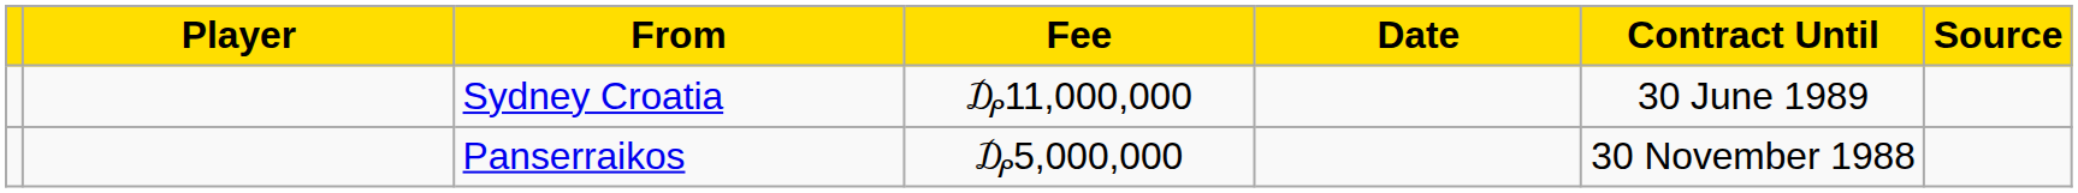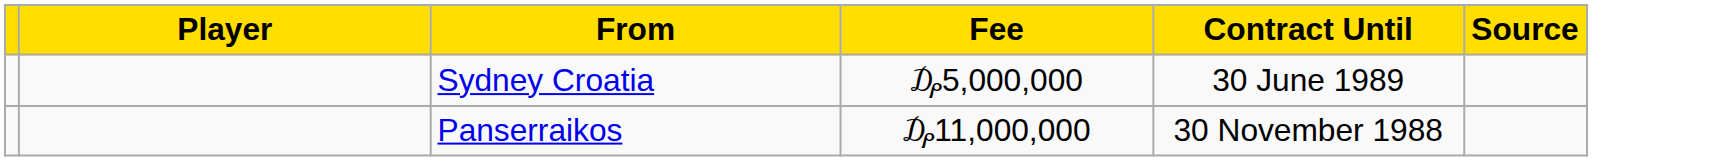 <table class="wikitable sortable">
 <tr>
 <th style="background:#FFDE00"></th>
 <th width=200 style="background:#FFDE00">Player</th>
 <th width=200 style="background:#FFDE00">From</th>
 <th width=150 style="background:#FFDE00">Fee</th>
-<th width=150 style="background:#FFDE00">Date</th>
 <th width=150 style="background:#FFDE00">Contract Until</th>
 <th style="background:#FFDE00">Source</th>
 </tr>
 <tr>
 <td align=center></td>
 <td></td>
 <td> <a href='#'>Sydney Croatia</a></td>
-<td align=center>₯11,000,000</td>
-<td align=center></td>
+<td align=center>₯5,000,000</td>
 <td align=center>30 June 1989</td>
 <td align=center></td>
 </tr>
 <tr>
 <td align=center></td>
 <td></td>
 <td> <a href='#'>Panserraikos</a></td>
-<td align=center>₯5,000,000</td>
-<td align=center></td>
+<td align=center>₯11,000,000</td>
 <td align=center>30 November 1988</td>
 <td align=center></td>
 </tr>
 </table>
